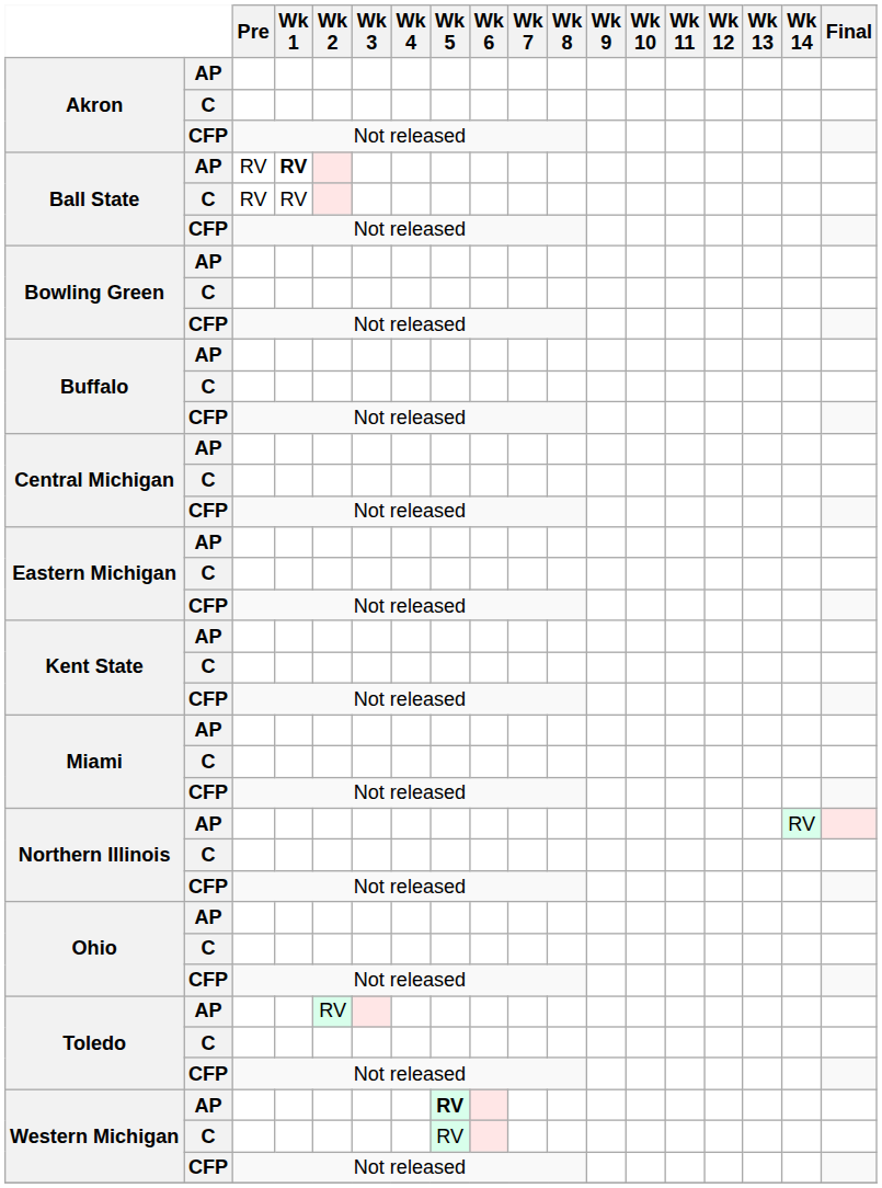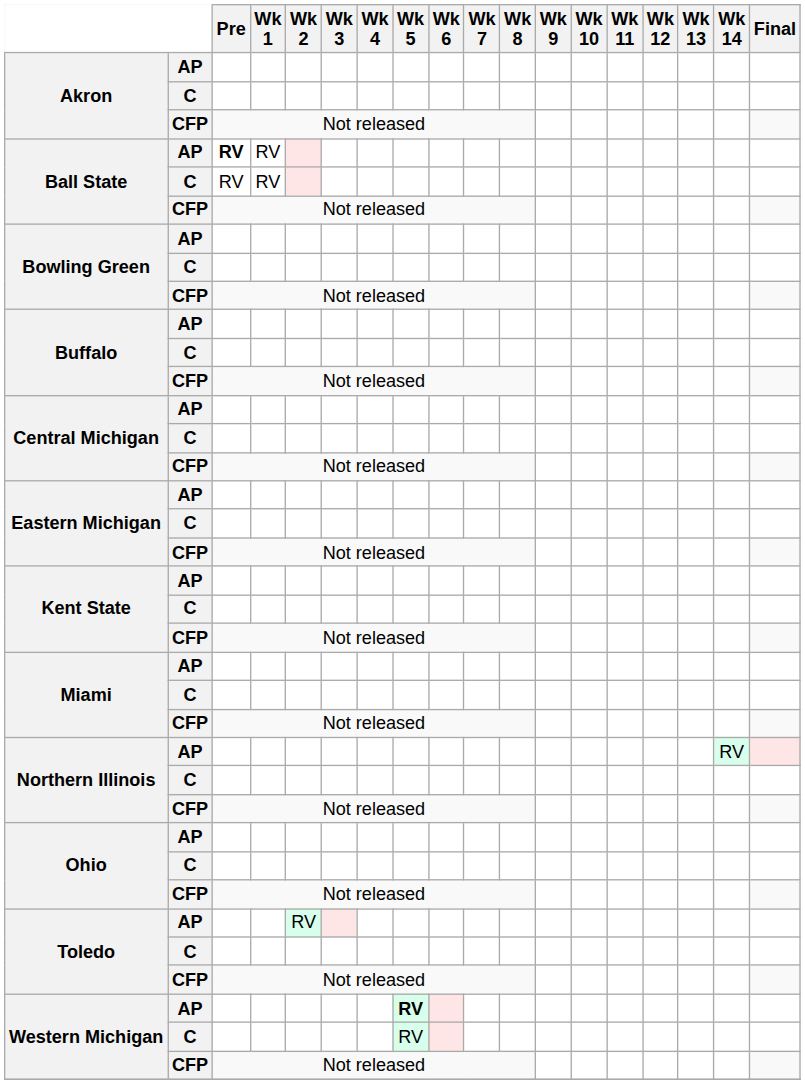 <table class="wikitable" style="white-space:nowrap;font-size:85%;">
 <tr>
 <th colspan=2 style="background:white; border-top-style:hidden; border-left-style:hidden;"> </th>
 <th>Pre</th>
 <th>Wk<br>1</th>
 <th>Wk<br>2</th>
 <th>Wk<br>3</th>
 <th>Wk<br>4</th>
 <th>Wk<br>5</th>
 <th>Wk<br>6</th>
 <th>Wk<br>7</th>
 <th>Wk<br>8</th>
 <th>Wk<br>9</th>
 <th>Wk<br>10</th>
 <th>Wk<br>11</th>
 <th>Wk<br>12</th>
 <th>Wk<br>13</th>
 <th>Wk<br>14</th>
 <th>Final</th>
 </tr>
 <tr style="text-align:center;">
 <th rowspan="3">Akron</th>
 <th>AP</th>
 <td style="background:#FFF;"></td>
 <td style="background:#FFF;"></td>
 <td style="background:#FFF;"></td>
 <td style="background:#FFF;"></td>
 <td style="background:#FFF;"></td>
 <td style="background:#FFF;"></td>
 <td style="background:#FFF;"></td>
 <td style="background:#FFF;"></td>
 <td style="background:#FFF;"></td>
 <td style="background:#FFF;"></td>
 <td style="background:#FFF;"></td>
 <td style="background:#FFF;"></td>
 <td style="background:#FFF;"></td>
 <td style="background:#FFF;"></td>
 <td style="background:#FFF;"></td>
 <td style="background:#FFF;"></td>
 </tr>
 <tr style="text-align:center;">
 <th>C</th>
 <td style="background:#FFF;"></td>
 <td style="background:#FFF;"></td>
 <td style="background:#FFF;"></td>
 <td style="background:#FFF;"></td>
 <td style="background:#FFF;"></td>
 <td style="background:#FFF;"></td>
 <td style="background:#FFF;"></td>
 <td style="background:#FFF;"></td>
 <td style="background:#FFF;"></td>
 <td style="background:#FFF;"></td>
 <td style="background:#FFF;"></td>
 <td style="background:#FFF;"></td>
 <td style="background:#FFF;"></td>
 <td style="background:#FFF;"></td>
 <td style="background:#FFF;"></td>
 <td style="background:#FFF;"></td>
 </tr>
 <tr style="text-align:center;">
 <th>CFP</th>
 <td colspan="9" style="text-align:center;">Not released</td>
 <td style="background:#FFF;"></td>
 <td style="background:#FFF;"></td>
 <td style="background:#FFF;"></td>
 <td style="background:#FFF;"></td>
 <td style="background:#FFF;"></td>
 <td style="background:#FFF;"></td>
 <td style="text-align:center;"></td>
 </tr>
 <tr style="text-align:center;">
 <th rowspan="3">Ball State</th>
 <th>AP</th>
+<td style="background:#FFF;"><strong>RV</strong></td>
 <td style="background:#FFF;">RV</td>
-<td style="background:#FFF;"><strong>RV</strong></td>
 <td style="background:#ffe6e6;"></td>
 <td style="background:#FFF;"></td>
 <td style="background:#FFF;"></td>
 <td style="background:#FFF;"></td>
 <td style="background:#FFF;"></td>
 <td style="background:#FFF;"></td>
 <td style="background:#FFF;"></td>
 <td style="background:#FFF;"></td>
 <td style="background:#FFF;"></td>
 <td style="background:#FFF;"></td>
 <td style="background:#FFF;"></td>
 <td style="background:#FFF;"></td>
 <td style="background:#FFF;"></td>
 <td style="background:#FFF;"></td>
 </tr>
 <tr style="text-align:center;">
 <th>C</th>
 <td style="background:#FFF;">RV</td>
 <td style="background:#FFF;">RV</td>
 <td style="background:#ffe6e6;"></td>
 <td style="background:#FFF;"></td>
 <td style="background:#FFF;"></td>
 <td style="background:#FFF;"></td>
 <td style="background:#FFF;"></td>
 <td style="background:#FFF;"></td>
 <td style="background:#FFF;"></td>
 <td style="background:#FFF;"></td>
 <td style="background:#FFF;"></td>
 <td style="background:#FFF;"></td>
 <td style="background:#FFF;"></td>
 <td style="background:#FFF;"></td>
 <td style="background:#FFF;"></td>
 <td style="background:#FFF;"></td>
 </tr>
 <tr style="text-align:center;">
 <th>CFP</th>
 <td colspan="9" style="text-align:center;">Not released</td>
 <td style="background:#FFF;"></td>
 <td style="background:#FFF;"></td>
 <td style="background:#FFF;"></td>
 <td style="background:#FFF;"></td>
 <td style="background:#FFF;"></td>
 <td style="background:#FFF;"></td>
 <td style="text-align:center;"></td>
 </tr>
 <tr style="text-align:center;">
 <th rowspan="3">Bowling Green</th>
 <th>AP</th>
 <td style="background:#FFF;"></td>
 <td style="background:#FFF;"></td>
 <td style="background:#FFF;"></td>
 <td style="background:#FFF;"></td>
 <td style="background:#FFF;"></td>
 <td style="background:#FFF;"></td>
 <td style="background:#FFF;"></td>
 <td style="background:#FFF;"></td>
 <td style="background:#FFF;"></td>
 <td style="background:#FFF;"></td>
 <td style="background:#FFF;"></td>
 <td style="background:#FFF;"></td>
 <td style="background:#FFF;"></td>
 <td style="background:#FFF;"></td>
 <td style="background:#FFF;"></td>
 <td style="background:#FFF;"></td>
 </tr>
 <tr style="text-align:center;">
 <th>C</th>
 <td style="background:#FFF;"></td>
 <td style="background:#FFF;"></td>
 <td style="background:#FFF;"></td>
 <td style="background:#FFF;"></td>
 <td style="background:#FFF;"></td>
 <td style="background:#FFF;"></td>
 <td style="background:#FFF;"></td>
 <td style="background:#FFF;"></td>
 <td style="background:#FFF;"></td>
 <td style="background:#FFF;"></td>
 <td style="background:#FFF;"></td>
 <td style="background:#FFF;"></td>
 <td style="background:#FFF;"></td>
 <td style="background:#FFF;"></td>
 <td style="background:#FFF;"></td>
 <td style="background:#FFF;"></td>
 </tr>
 <tr style="text-align:center;">
 <th>CFP</th>
 <td colspan="9" style="text-align:center;">Not released</td>
 <td style="background:#FFF;"></td>
 <td style="background:#FFF;"></td>
 <td style="background:#FFF;"></td>
 <td style="background:#FFF;"></td>
 <td style="background:#FFF;"></td>
 <td style="background:#FFF;"></td>
 <td style="text-align:center;"></td>
 </tr>
 <tr style="text-align:center;">
 <th rowspan="3">Buffalo</th>
 <th>AP</th>
 <td style="background:#FFF;"></td>
 <td style="background:#FFF;"></td>
 <td style="background:#FFF;"></td>
 <td style="background:#FFF;"></td>
 <td style="background:#FFF;"></td>
 <td style="background:#FFF;"></td>
 <td style="background:#FFF;"></td>
 <td style="background:#FFF;"></td>
 <td style="background:#FFF;"></td>
 <td style="background:#FFF;"></td>
 <td style="background:#FFF;"></td>
 <td style="background:#FFF;"></td>
 <td style="background:#FFF;"></td>
 <td style="background:#FFF;"></td>
 <td style="background:#FFF;"></td>
 <td style="background:#FFF;"></td>
 </tr>
 <tr style="text-align:center;">
 <th>C</th>
 <td style="background:#FFF;"></td>
 <td style="background:#FFF;"></td>
 <td style="background:#FFF;"></td>
 <td style="background:#FFF;"></td>
 <td style="background:#FFF;"></td>
 <td style="background:#FFF;"></td>
 <td style="background:#FFF;"></td>
 <td style="background:#FFF;"></td>
 <td style="background:#FFF;"></td>
 <td style="background:#FFF;"></td>
 <td style="background:#FFF;"></td>
 <td style="background:#FFF;"></td>
 <td style="background:#FFF;"></td>
 <td style="background:#FFF;"></td>
 <td style="background:#FFF;"></td>
 <td style="background:#FFF;"></td>
 </tr>
 <tr style="text-align:center;">
 <th>CFP</th>
 <td colspan="9" style="text-align:center;">Not released</td>
 <td style="background:#FFF;"></td>
 <td style="background:#FFF;"></td>
 <td style="background:#FFF;"></td>
 <td style="background:#FFF;"></td>
 <td style="background:#FFF;"></td>
 <td style="background:#FFF;"></td>
 <td style="text-align:center;"></td>
 </tr>
 <tr style="text-align:center;">
 <th rowspan="3">Central Michigan</th>
 <th>AP</th>
 <td style="background:#FFF;"></td>
 <td style="background:#FFF;"></td>
 <td style="background:#FFF;"></td>
 <td style="background:#FFF;"></td>
 <td style="background:#FFF;"></td>
 <td style="background:#FFF;"></td>
 <td style="background:#FFF;"></td>
 <td style="background:#FFF;"></td>
 <td style="background:#FFF;"></td>
 <td style="background:#FFF;"></td>
 <td style="background:#FFF;"></td>
 <td style="background:#FFF;"></td>
 <td style="background:#FFF;"></td>
 <td style="background:#FFF;"></td>
 <td style="background:#FFF;"></td>
 <td style="background:#FFF;"></td>
 </tr>
 <tr style="text-align:center;">
 <th>C</th>
 <td style="background:#FFF;"></td>
 <td style="background:#FFF;"></td>
 <td style="background:#FFF;"></td>
 <td style="background:#FFF;"></td>
 <td style="background:#FFF;"></td>
 <td style="background:#FFF;"></td>
 <td style="background:#FFF;"></td>
 <td style="background:#FFF;"></td>
 <td style="background:#FFF;"></td>
 <td style="background:#FFF;"></td>
 <td style="background:#FFF;"></td>
 <td style="background:#FFF;"></td>
 <td style="background:#FFF;"></td>
 <td style="background:#FFF;"></td>
 <td style="background:#FFF;"></td>
 <td style="background:#FFF;"></td>
 </tr>
 <tr style="text-align:center;">
 <th>CFP</th>
 <td colspan="9" style="text-align:center;">Not released</td>
 <td style="background:#FFF;"></td>
 <td style="background:#FFF;"></td>
 <td style="background:#FFF;"></td>
 <td style="background:#FFF;"></td>
 <td style="background:#FFF;"></td>
 <td style="background:#FFF;"></td>
 <td style="text-align:center;"></td>
 </tr>
 <tr style="text-align:center;">
 <th rowspan="3">Eastern Michigan</th>
 <th>AP</th>
 <td style="background:#FFF;"></td>
 <td style="background:#FFF;"></td>
 <td style="background:#FFF;"></td>
 <td style="background:#FFF;"></td>
 <td style="background:#FFF;"></td>
 <td style="background:#FFF;"></td>
 <td style="background:#FFF;"></td>
 <td style="background:#FFF;"></td>
 <td style="background:#FFF;"></td>
 <td style="background:#FFF;"></td>
 <td style="background:#FFF;"></td>
 <td style="background:#FFF;"></td>
 <td style="background:#FFF;"></td>
 <td style="background:#FFF;"></td>
 <td style="background:#FFF;"></td>
 <td style="background:#FFF;"></td>
 </tr>
 <tr style="text-align:center;">
 <th>C</th>
 <td style="background:#FFF;"></td>
 <td style="background:#FFF;"></td>
 <td style="background:#FFF;"></td>
 <td style="background:#FFF;"></td>
 <td style="background:#FFF;"></td>
 <td style="background:#FFF;"></td>
 <td style="background:#FFF;"></td>
 <td style="background:#FFF;"></td>
 <td style="background:#FFF;"></td>
 <td style="background:#FFF;"></td>
 <td style="background:#FFF;"></td>
 <td style="background:#FFF;"></td>
 <td style="background:#FFF;"></td>
 <td style="background:#FFF;"></td>
 <td style="background:#FFF;"></td>
 <td style="background:#FFF;"></td>
 </tr>
 <tr style="text-align:center;">
 <th>CFP</th>
 <td colspan="9" style="text-align:center;">Not released</td>
 <td style="background:#FFF;"></td>
 <td style="background:#FFF;"></td>
 <td style="background:#FFF;"></td>
 <td style="background:#FFF;"></td>
 <td style="background:#FFF;"></td>
 <td style="background:#FFF;"></td>
 <td style="text-align:center;"></td>
 </tr>
 <tr style="text-align:center;">
 <th rowspan="3">Kent State</th>
 <th>AP</th>
 <td style="background:#FFF;"></td>
 <td style="background:#FFF;"></td>
 <td style="background:#FFF;"></td>
 <td style="background:#FFF;"></td>
 <td style="background:#FFF;"></td>
 <td style="background:#FFF;"></td>
 <td style="background:#FFF;"></td>
 <td style="background:#FFF;"></td>
 <td style="background:#FFF;"></td>
 <td style="background:#FFF;"></td>
 <td style="background:#FFF;"></td>
 <td style="background:#FFF;"></td>
 <td style="background:#FFF;"></td>
 <td style="background:#FFF;"></td>
 <td style="background:#FFF;"></td>
 <td style="background:#FFF;"></td>
 </tr>
 <tr style="text-align:center;">
 <th>C</th>
 <td style="background:#FFF;"></td>
 <td style="background:#FFF;"></td>
 <td style="background:#FFF;"></td>
 <td style="background:#FFF;"></td>
 <td style="background:#FFF;"></td>
 <td style="background:#FFF;"></td>
 <td style="background:#FFF;"></td>
 <td style="background:#FFF;"></td>
 <td style="background:#FFF;"></td>
 <td style="background:#FFF;"></td>
 <td style="background:#FFF;"></td>
 <td style="background:#FFF;"></td>
 <td style="background:#FFF;"></td>
 <td style="background:#FFF;"></td>
 <td style="background:#FFF;"></td>
 <td style="background:#FFF;"></td>
 </tr>
 <tr style="text-align:center;">
 <th>CFP</th>
 <td colspan="9" style="text-align:center;">Not released</td>
 <td style="background:#FFF;"></td>
 <td style="background:#FFF;"></td>
 <td style="background:#FFF;"></td>
 <td style="background:#FFF;"></td>
 <td style="background:#FFF;"></td>
 <td style="background:#FFF;"></td>
 <td style="text-align:center;"></td>
 </tr>
 <tr style="text-align:center;">
 <th rowspan="3">Miami</th>
 <th>AP</th>
 <td style="background:#FFF;"></td>
 <td style="background:#FFF;"></td>
 <td style="background:#FFF;"></td>
 <td style="background:#FFF;"></td>
 <td style="background:#FFF;"></td>
 <td style="background:#FFF;"></td>
 <td style="background:#FFF;"></td>
 <td style="background:#FFF;"></td>
 <td style="background:#FFF;"></td>
 <td style="background:#FFF;"></td>
 <td style="background:#FFF;"></td>
 <td style="background:#FFF;"></td>
 <td style="background:#FFF;"></td>
 <td style="background:#FFF;"></td>
 <td style="background:#FFF;"></td>
 <td style="background:#FFF;"></td>
 </tr>
 <tr style="text-align:center;">
 <th>C</th>
 <td style="background:#FFF;"></td>
 <td style="background:#FFF;"></td>
 <td style="background:#FFF;"></td>
 <td style="background:#FFF;"></td>
 <td style="background:#FFF;"></td>
 <td style="background:#FFF;"></td>
 <td style="background:#FFF;"></td>
 <td style="background:#FFF;"></td>
 <td style="background:#FFF;"></td>
 <td style="background:#FFF;"></td>
 <td style="background:#FFF;"></td>
 <td style="background:#FFF;"></td>
 <td style="background:#FFF;"></td>
 <td style="background:#FFF;"></td>
 <td style="background:#FFF;"></td>
 <td style="background:#FFF;"></td>
 </tr>
 <tr style="text-align:center;">
 <th>CFP</th>
 <td colspan="9" style="text-align:center;">Not released</td>
 <td style="background:#FFF;"></td>
 <td style="background:#FFF;"></td>
 <td style="background:#FFF;"></td>
 <td style="background:#FFF;"></td>
 <td style="background:#FFF;"></td>
 <td style="background:#FFF;"></td>
 <td style="text-align:center;"></td>
 </tr>
 <tr style="text-align:center;">
 <th rowspan="3">Northern Illinois</th>
 <th>AP</th>
 <td style="background:#FFF;"></td>
 <td style="background:#FFF;"></td>
 <td style="background:#FFF;"></td>
 <td style="background:#FFF;"></td>
 <td style="background:#FFF;"></td>
 <td style="background:#FFF;"></td>
 <td style="background:#FFF;"></td>
 <td style="background:#FFF;"></td>
 <td style="background:#FFF;"></td>
 <td style="background:#FFF;"></td>
 <td style="background:#FFF;"></td>
 <td style="background:#FFF;"></td>
 <td style="background:#FFF;"></td>
 <td style="background:#FFF;"></td>
 <td style="background:#d8ffeb;">RV</td>
 <td style="background:#ffe6e6;"></td>
 </tr>
 <tr style="text-align:center;">
 <th>C</th>
 <td style="background:#FFF;"></td>
 <td style="background:#FFF;"></td>
 <td style="background:#FFF;"></td>
 <td style="background:#FFF;"></td>
 <td style="background:#FFF;"></td>
 <td style="background:#FFF;"></td>
 <td style="background:#FFF;"></td>
 <td style="background:#FFF;"></td>
 <td style="background:#FFF;"></td>
 <td style="background:#FFF;"></td>
 <td style="background:#FFF;"></td>
 <td style="background:#FFF;"></td>
 <td style="background:#FFF;"></td>
 <td style="background:#FFF;"></td>
 <td style="background:#FFF;"></td>
 <td style="background:#FFF;"></td>
 </tr>
 <tr style="text-align:center;">
 <th>CFP</th>
 <td colspan="9" style="text-align:center;">Not released</td>
 <td style="background:#FFF;"></td>
 <td style="background:#FFF;"></td>
 <td style="background:#FFF;"></td>
 <td style="background:#FFF;"></td>
 <td style="background:#FFF;"></td>
 <td style="background:#FFF;"></td>
 <td style="text-align:center;"></td>
 </tr>
 <tr style="text-align:center;">
 <th rowspan="3">Ohio</th>
 <th>AP</th>
 <td style="background:#FFF;"></td>
 <td style="background:#FFF;"></td>
 <td style="background:#FFF;"></td>
 <td style="background:#FFF;"></td>
 <td style="background:#FFF;"></td>
 <td style="background:#FFF;"></td>
 <td style="background:#FFF;"></td>
 <td style="background:#FFF;"></td>
 <td style="background:#FFF;"></td>
 <td style="background:#FFF;"></td>
 <td style="background:#FFF;"></td>
 <td style="background:#FFF;"></td>
 <td style="background:#FFF;"></td>
 <td style="background:#FFF;"></td>
 <td style="background:#FFF;"></td>
 <td style="background:#FFF;"></td>
 </tr>
 <tr style="text-align:center;">
 <th>C</th>
 <td style="background:#FFF;"></td>
 <td style="background:#FFF;"></td>
 <td style="background:#FFF;"></td>
 <td style="background:#FFF;"></td>
 <td style="background:#FFF;"></td>
 <td style="background:#FFF;"></td>
 <td style="background:#FFF;"></td>
 <td style="background:#FFF;"></td>
 <td style="background:#FFF;"></td>
 <td style="background:#FFF;"></td>
 <td style="background:#FFF;"></td>
 <td style="background:#FFF;"></td>
 <td style="background:#FFF;"></td>
 <td style="background:#FFF;"></td>
 <td style="background:#FFF;"></td>
 <td style="background:#FFF;"></td>
 </tr>
 <tr style="text-align:center;">
 <th>CFP</th>
 <td colspan="9" style="text-align:center;">Not released</td>
 <td style="background:#FFF;"></td>
 <td style="background:#FFF;"></td>
 <td style="background:#FFF;"></td>
 <td style="background:#FFF;"></td>
 <td style="background:#FFF;"></td>
 <td style="background:#FFF;"></td>
 <td style="text-align:center;"></td>
 </tr>
 <tr style="text-align:center;">
 <th rowspan="3">Toledo</th>
 <th>AP</th>
 <td style="background:#FFF;"></td>
 <td style="background:#FFF;"></td>
 <td style="background:#d8ffeb;">RV</td>
 <td style="background:#ffe6e6;"></td>
 <td style="background:#FFF;"></td>
 <td style="background:#FFF;"></td>
 <td style="background:#FFF;"></td>
 <td style="background:#FFF;"></td>
 <td style="background:#FFF;"></td>
 <td style="background:#FFF;"></td>
 <td style="background:#FFF;"></td>
 <td style="background:#FFF;"></td>
 <td style="background:#FFF;"></td>
 <td style="background:#FFF;"></td>
 <td style="background:#FFF;"></td>
 <td style="background:#FFF;"></td>
 </tr>
 <tr style="text-align:center;">
 <th>C</th>
 <td style="background:#FFF;"></td>
 <td style="background:#FFF;"></td>
 <td style="background:#FFF;"></td>
 <td style="background:#FFF;"></td>
 <td style="background:#FFF;"></td>
 <td style="background:#FFF;"></td>
 <td style="background:#FFF;"></td>
 <td style="background:#FFF;"></td>
 <td style="background:#FFF;"></td>
 <td style="background:#FFF;"></td>
 <td style="background:#FFF;"></td>
 <td style="background:#FFF;"></td>
 <td style="background:#FFF;"></td>
 <td style="background:#FFF;"></td>
 <td style="background:#FFF;"></td>
 <td style="background:#FFF;"></td>
 </tr>
 <tr style="text-align:center;">
 <th>CFP</th>
 <td colspan="9" style="text-align:center;">Not released</td>
 <td style="background:#FFF;"></td>
 <td style="background:#FFF;"></td>
 <td style="background:#FFF;"></td>
 <td style="background:#FFF;"></td>
 <td style="background:#FFF;"></td>
 <td style="background:#FFF;"></td>
 <td style="text-align:center;"></td>
 </tr>
 <tr style="text-align:center;">
 <th rowspan="3">Western Michigan</th>
 <th>AP</th>
 <td style="background:#FFF;"></td>
 <td style="background:#FFF;"></td>
 <td style="background:#FFF;"></td>
 <td style="background:#FFF;"></td>
 <td style="background:#FFF;"></td>
 <td style="background:#d8ffeb;"><strong>RV</strong></td>
 <td style="background:#ffe6e6;"></td>
 <td style="background:#FFF;"></td>
 <td style="background:#FFF;"></td>
 <td style="background:#FFF;"></td>
 <td style="background:#FFF;"></td>
 <td style="background:#FFF;"></td>
 <td style="background:#FFF;"></td>
 <td style="background:#FFF;"></td>
 <td style="background:#FFF;"></td>
 <td style="background:#FFF;"></td>
 </tr>
 <tr style="text-align:center;">
 <th>C</th>
 <td style="background:#FFF;"></td>
 <td style="background:#FFF;"></td>
 <td style="background:#FFF;"></td>
 <td style="background:#FFF;"></td>
 <td style="background:#FFF;"></td>
 <td style="background:#d8ffeb;">RV</td>
 <td style="background:#ffe6e6;"></td>
 <td style="background:#FFF;"></td>
 <td style="background:#FFF;"></td>
 <td style="background:#FFF;"></td>
 <td style="background:#FFF;"></td>
 <td style="background:#FFF;"></td>
 <td style="background:#FFF;"></td>
 <td style="background:#FFF;"></td>
 <td style="background:#FFF;"></td>
 <td style="background:#FFF;"></td>
 </tr>
 <tr style="text-align:center;">
 <th>CFP</th>
 <td colspan="9" style="text-align:center;">Not released</td>
 <td style="background:#FFF;"></td>
 <td style="background:#FFF;"></td>
 <td style="background:#FFF;"></td>
 <td style="background:#FFF;"></td>
 <td style="background:#FFF;"></td>
 <td style="background:#FFF;"></td>
 <td style="text-align:center;"></td>
 </tr>
 <tr style="text-align:center;">
 </tr>
 </table>
